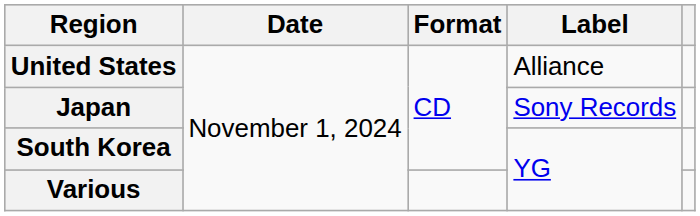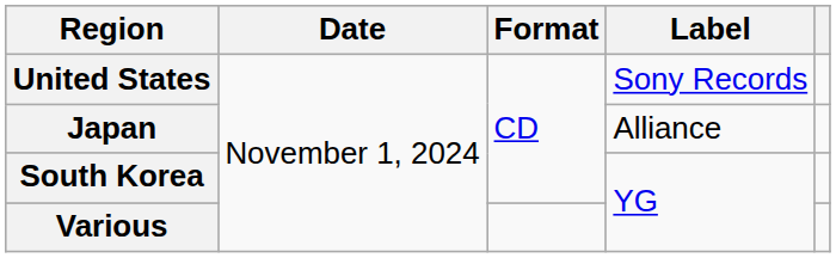 <table class="wikitable plainrowheaders">
 <tr>
 <th scope="col">Region</th>
 <th scope="col">Date</th>
 <th scope="col">Format</th>
 <th scope="col">Label</th>
 <th scope="col"></th>
 </tr>
 <tr>
 <th scope="row">United States</th>
 <td rowspan="4">November 1, 2024</td>
 <td rowspan="3"><a href='#'>CD</a></td>
-<td>Alliance</td>
+<td><a href='#'>Sony Records</a></td>
 <td style="text-align:center"></td>
 </tr>
 <tr>
 <th scope="row">Japan</th>
-<td><a href='#'>Sony Records</a></td>
+<td>Alliance</td>
 <td style="text-align:center"></td>
 </tr>
 <tr>
 <th scope="row">South Korea</th>
 <td rowspan="2"><a href='#'>YG</a></td>
 <td style="text-align:center"></td>
 </tr>
 <tr>
 <th scope="row">Various </th>
 <td></td>
 <td style="text-align:center"></td>
 </tr>
 </table>
